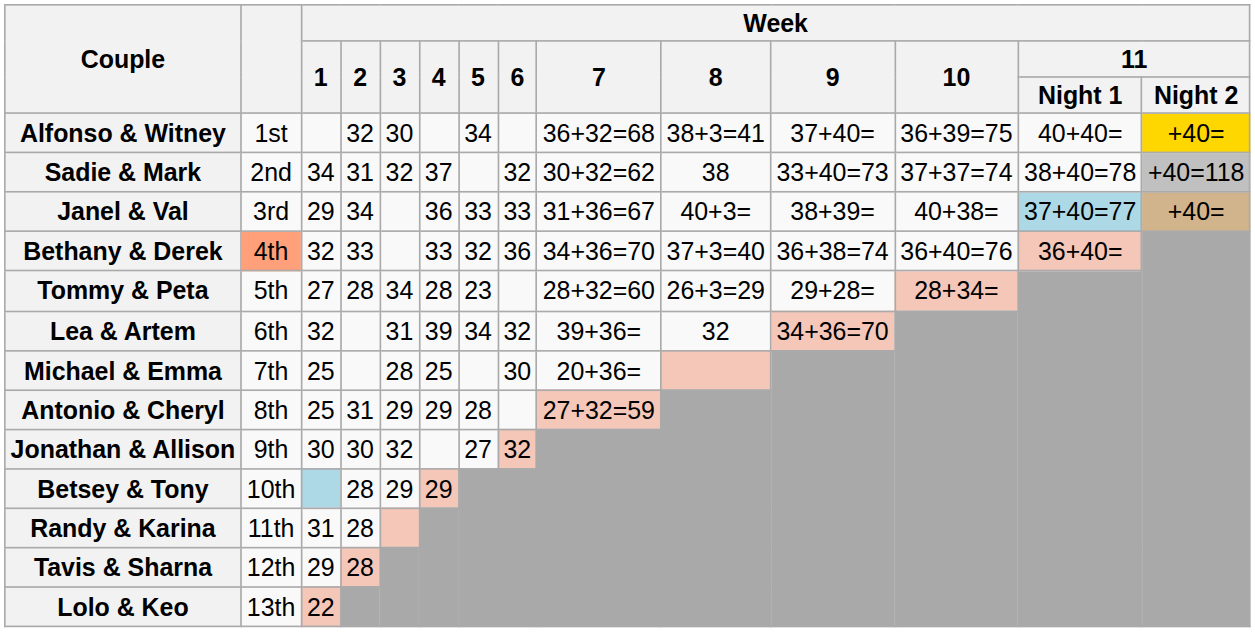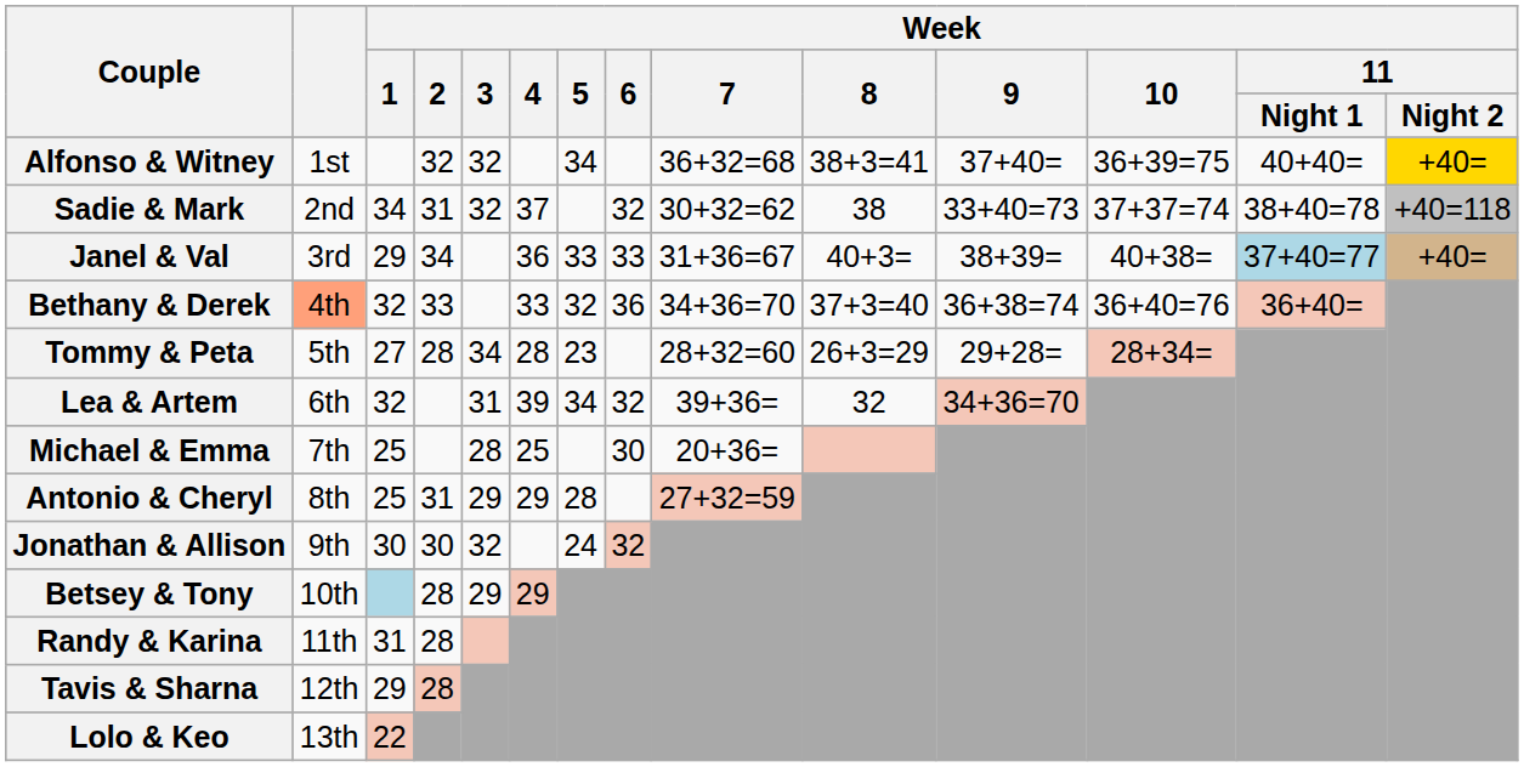 <table class="wikitable sortable" style="text-align:center; font-size:95%">
 <tr>
 <th scope="col" rowspan="3" style="text-align:center; line-height:15px;">Couple</th>
 <th scope="col" rowspan="3" style="text-align:center; line-height:15px;"></th>
 <th colspan="12" style="text-align:center; line-height:15px;">Week</th>
 </tr>
 <tr>
 <th scope="col" rowspan=2 style="line-height:15px;">1</th>
 <th scope="col" rowspan=2 style="line-height:15px;">2</th>
 <th scope="col" rowspan=2 style="line-height:15px;">3</th>
 <th scope="col" rowspan=2 style="line-height:15px;">4</th>
 <th scope="col" rowspan=2 style="line-height:15px;">5</th>
 <th scope="col" rowspan=2 style="line-height:15px;">6</th>
 <th scope="col" rowspan=2 style="line-height:15px;">7</th>
 <th scope="col" rowspan=2 style="line-height:15px;">8</th>
 <th scope="col" rowspan=2 style="line-height:15px;">9</th>
 <th scope="col" rowspan=2 style="line-height:15px;">10</th>
 <th scope="col" colspan=2 style="line-height:15px;">11</th>
 </tr>
 <tr>
 <th style="line-height:15px;">Night 1</th>
 <th style="line-height:15px;">Night 2</th>
 </tr>
 <tr>
 <th scope="row">Alfonso & Witney</th>
 <td>1st</td>
 <td></td>
 <td>32</td>
-<td>30</td>
+<td>32</td>
 <td></td>
 <td>34</td>
 <td></td>
 <td>36+32=68</td>
 <td>38+3=41</td>
 <td>37+40=</td>
 <td>36+39=75</td>
 <td>40+40=</td>
 <td bgcolor=gold >+40=</td>
 </tr>
 <tr>
 <th scope="row">Sadie & Mark</th>
 <td>2nd</td>
 <td>34</td>
 <td>31</td>
 <td>32</td>
 <td>37</td>
 <td></td>
 <td>32</td>
 <td>30+32=62</td>
 <td>38</td>
 <td>33+40=73</td>
 <td>37+37=74</td>
 <td>38+40=78</td>
 <td bgcolor=silver >+40=118</td>
 </tr>
 <tr>
 <th scope="row">Janel & Val</th>
 <td>3rd</td>
 <td>29</td>
 <td>34</td>
 <td></td>
 <td>36</td>
 <td>33</td>
 <td>33</td>
 <td>31+36=67</td>
 <td>40+3=</td>
 <td>38+39=</td>
 <td>40+38=</td>
 <td bgcolor=lightblue >37+40=77</td>
 <td bgcolor=tan >+40=</td>
 </tr>
 <tr>
 <th scope="row">Bethany & Derek</th>
 <td style="background: lightsalmon;">4th</td>
 <td>32</td>
 <td>33</td>
 <td></td>
 <td>33</td>
 <td>32</td>
 <td>36</td>
 <td>34+36=70</td>
 <td>37+3=40</td>
 <td>36+38=74</td>
 <td>36+40=76</td>
 <td bgcolor=f4c7b8 >36+40=</td>
 <td colspan="1" rowspan="10" style="background:darkgrey"></td>
 </tr>
 <tr>
 <th scope="row">Tommy & Peta</th>
 <td>5th</td>
 <td>27</td>
 <td>28</td>
 <td>34</td>
 <td>28</td>
 <td>23</td>
 <td></td>
 <td>28+32=60</td>
 <td>26+3=29</td>
 <td>29+28=</td>
 <td bgcolor=f4c7b8 >28+34=</td>
 <td rowspan="9" style="background:darkgrey"></td>
 </tr>
 <tr>
 <th scope="row">Lea & Artem</th>
 <td>6th</td>
 <td>32</td>
 <td></td>
 <td>31</td>
 <td>39</td>
 <td>34</td>
 <td>32</td>
 <td>39+36=</td>
 <td>32</td>
 <td bgcolor=f4c7b8 >34+36=70</td>
 <td rowspan="8" style="background:darkgrey"></td>
 </tr>
 <tr>
 <th scope="row">Michael & Emma</th>
 <td>7th</td>
 <td>25</td>
 <td></td>
 <td>28</td>
 <td>25</td>
 <td></td>
 <td>30</td>
 <td>20+36=</td>
 <td bgcolor=f4c7b8></td>
 <td rowspan="7" style="background:darkgrey"></td>
 </tr>
 <tr>
 <th scope="row">Antonio & Cheryl</th>
 <td>8th</td>
 <td>25</td>
 <td>31</td>
 <td>29</td>
 <td>29</td>
 <td>28</td>
 <td></td>
 <td bgcolor=f4c7b8 >27+32=59</td>
 <td rowspan="6" style="background:darkgrey"></td>
 </tr>
 <tr>
 <th scope="row">Jonathan & Allison</th>
 <td>9th</td>
 <td>30</td>
 <td>30</td>
 <td>32</td>
 <td></td>
-<td>27</td>
+<td>24</td>
 <td bgcolor=f4c7b8>32</td>
 <td rowspan="5" style="background:darkgrey"></td>
 </tr>
 <tr>
 <th scope="row">Betsey & Tony</th>
 <td>10th</td>
 <td bgcolor=lightblue></td>
 <td>28</td>
 <td>29</td>
 <td bgcolor=f4c7b8>29</td>
 <td colspan="2" rowspan="4" style="background:darkgrey"></td>
 </tr>
 <tr>
 <th scope="row">Randy & Karina</th>
 <td>11th</td>
 <td>31</td>
 <td>28</td>
 <td bgcolor=f4c7b8></td>
 <td rowspan="3" style="background:darkgrey"></td>
 </tr>
 <tr>
 <th scope="row">Tavis & Sharna</th>
 <td>12th</td>
 <td>29</td>
 <td bgcolor=f4c7b8>28</td>
 <td rowspan="2" style="background:darkgrey"></td>
 </tr>
 <tr>
 <th scope="row">Lolo & Keo</th>
 <td>13th</td>
 <td bgcolor=f4c7b8>22</td>
 <td style="background:darkgrey"></td>
 </tr>
 </table>
